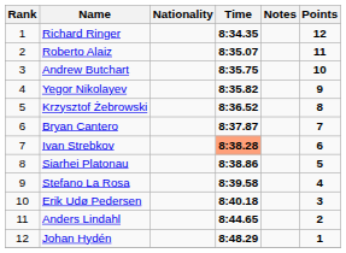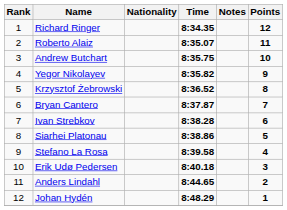 <table class="wikitable sortable" style="text-align:center">
 <tr>
 <th>Rank</th>
 <th>Name</th>
 <th>Nationality</th>
 <th>Time</th>
 <th>Notes</th>
 <th>Points</th>
 </tr>
 <tr>
 <td>1</td>
 <td align=left><a href='#'>Richard Ringer</a></td>
 <td align=left></td>
 <td><strong>8:34.35</strong></td>
 <td></td>
 <td><strong>12</strong></td>
 </tr>
 <tr>
 <td>2</td>
 <td align=left><a href='#'>Roberto Alaiz</a></td>
 <td align=left></td>
 <td><strong> 8:35.07 </strong></td>
 <td></td>
 <td><strong>11</strong></td>
 </tr>
 <tr>
 <td>3</td>
 <td align=left><a href='#'>Andrew Butchart</a></td>
 <td align=left></td>
 <td><strong>8:35.75</strong></td>
 <td></td>
 <td><strong>10</strong></td>
 </tr>
 <tr>
 <td>4</td>
 <td align=left><a href='#'>Yegor Nikolayev</a></td>
 <td align=left></td>
 <td><strong>8:35.82</strong></td>
 <td></td>
 <td><strong>9</strong></td>
 </tr>
 <tr>
 <td>5</td>
 <td align=left><a href='#'>Krzysztof Żebrowski</a></td>
 <td align=left></td>
 <td><strong>8:36.52</strong></td>
 <td></td>
 <td><strong>8</strong></td>
 </tr>
 <tr>
 <td>6</td>
 <td align=left><a href='#'>Bryan Cantero</a></td>
 <td align=left></td>
 <td><strong>8:37.87</strong></td>
 <td></td>
 <td><strong>7</strong></td>
 </tr>
 <tr>
 <td>7</td>
 <td align=left><a href='#'>Ivan Strebkov</a></td>
 <td align=left></td>
-<td style="background: lightsalmon;"><strong>8:38.28</strong></td>
+<td><strong>8:38.28</strong></td>
 <td></td>
 <td><strong>6</strong></td>
 </tr>
 <tr>
 <td>8</td>
 <td align=left><a href='#'>Siarhei Platonau</a></td>
 <td align=left></td>
 <td><strong>8:38.86</strong></td>
 <td></td>
 <td><strong>5</strong></td>
 </tr>
 <tr>
 <td>9</td>
 <td align=left><a href='#'>Stefano La Rosa</a></td>
 <td align=left></td>
 <td><strong>8:39.58</strong></td>
 <td></td>
 <td><strong>4</strong></td>
 </tr>
 <tr>
 <td>10</td>
 <td align=left><a href='#'>Erik Udø Pedersen</a></td>
 <td align=left></td>
 <td><strong>8:40.18</strong></td>
 <td></td>
 <td><strong>3</strong></td>
 </tr>
 <tr>
 <td>11</td>
 <td align=left><a href='#'>Anders Lindahl</a></td>
 <td align=left></td>
 <td><strong>8:44.65</strong></td>
 <td></td>
 <td><strong>2</strong></td>
 </tr>
 <tr>
 <td>12</td>
 <td align=left><a href='#'>Johan Hydén</a></td>
 <td align=left></td>
 <td><strong>8:48.29</strong></td>
 <td></td>
 <td><strong>1</strong></td>
 </tr>
 <tr>
 </tr>
 </table>
